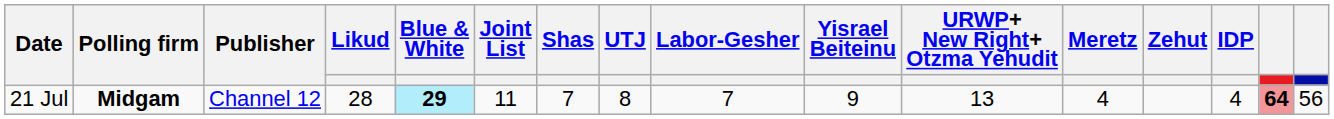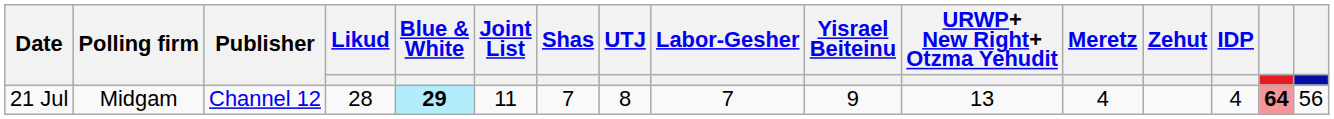 <table class="wikitable sortable" style="text-align:center;font-size:90%;line-height:13px">
 <tr>
 <th rowspan="2">Date</th>
 <th rowspan="2">Polling firm</th>
 <th rowspan="2">Publisher</th>
 <th><a href='#'>Likud</a></th>
 <th><a href='#'>Blue &<br>White</a></th>
 <th><a href='#'>Joint<br>List</a></th>
 <th><a href='#'>Shas</a></th>
 <th><a href='#'>UTJ</a></th>
 <th><a href='#'>Labor-Gesher</a></th>
 <th><a href='#'>Yisrael<br>Beiteinu</a></th>
 <th><a href='#'>URWP</a>+<br><a href='#'>New Right</a>+<br><a href='#'>Otzma Yehudit</a></th>
 <th><a href='#'>Meretz</a></th>
 <th><a href='#'>Zehut</a></th>
 <th><a href='#'>IDP</a></th>
 <th></th>
 <th></th>
 </tr>
 <tr>
 <th style="background:"></th>
 <th style="background:"></th>
 <th style="background:"></th>
 <th style="background:"></th>
 <th style="background:"></th>
 <th style="background:"></th>
 <th style="background:"></th>
 <th style="background:"></th>
 <th style="background:"></th>
 <th style="background:"></th>
 <th style="background:"></th>
 <th style="background:#E81B23;"></th>
 <th style="background:#000EA3;"></th>
 </tr>
 <tr>
 <td data-sort-value="2019-07-21">21 Jul</td>
-<td><strong>Midgam</strong></td>
+<td>Midgam</td>
 <td><a href='#'>Channel 12</a></td>
 <td>28					</td>
 <td style="background:#B2EDFB"><strong>29</strong>	</td>
 <td>11					</td>
 <td>7					</td>
 <td>8					</td>
 <td>7					</td>
 <td>9					</td>
 <td>13					</td>
 <td>4					</td>
 <td>			</td>
 <td>4					</td>
 <td style="background:#F4959A"><strong>64</strong>	</td>
 <td>56					</td>
 </tr>
 </table>
